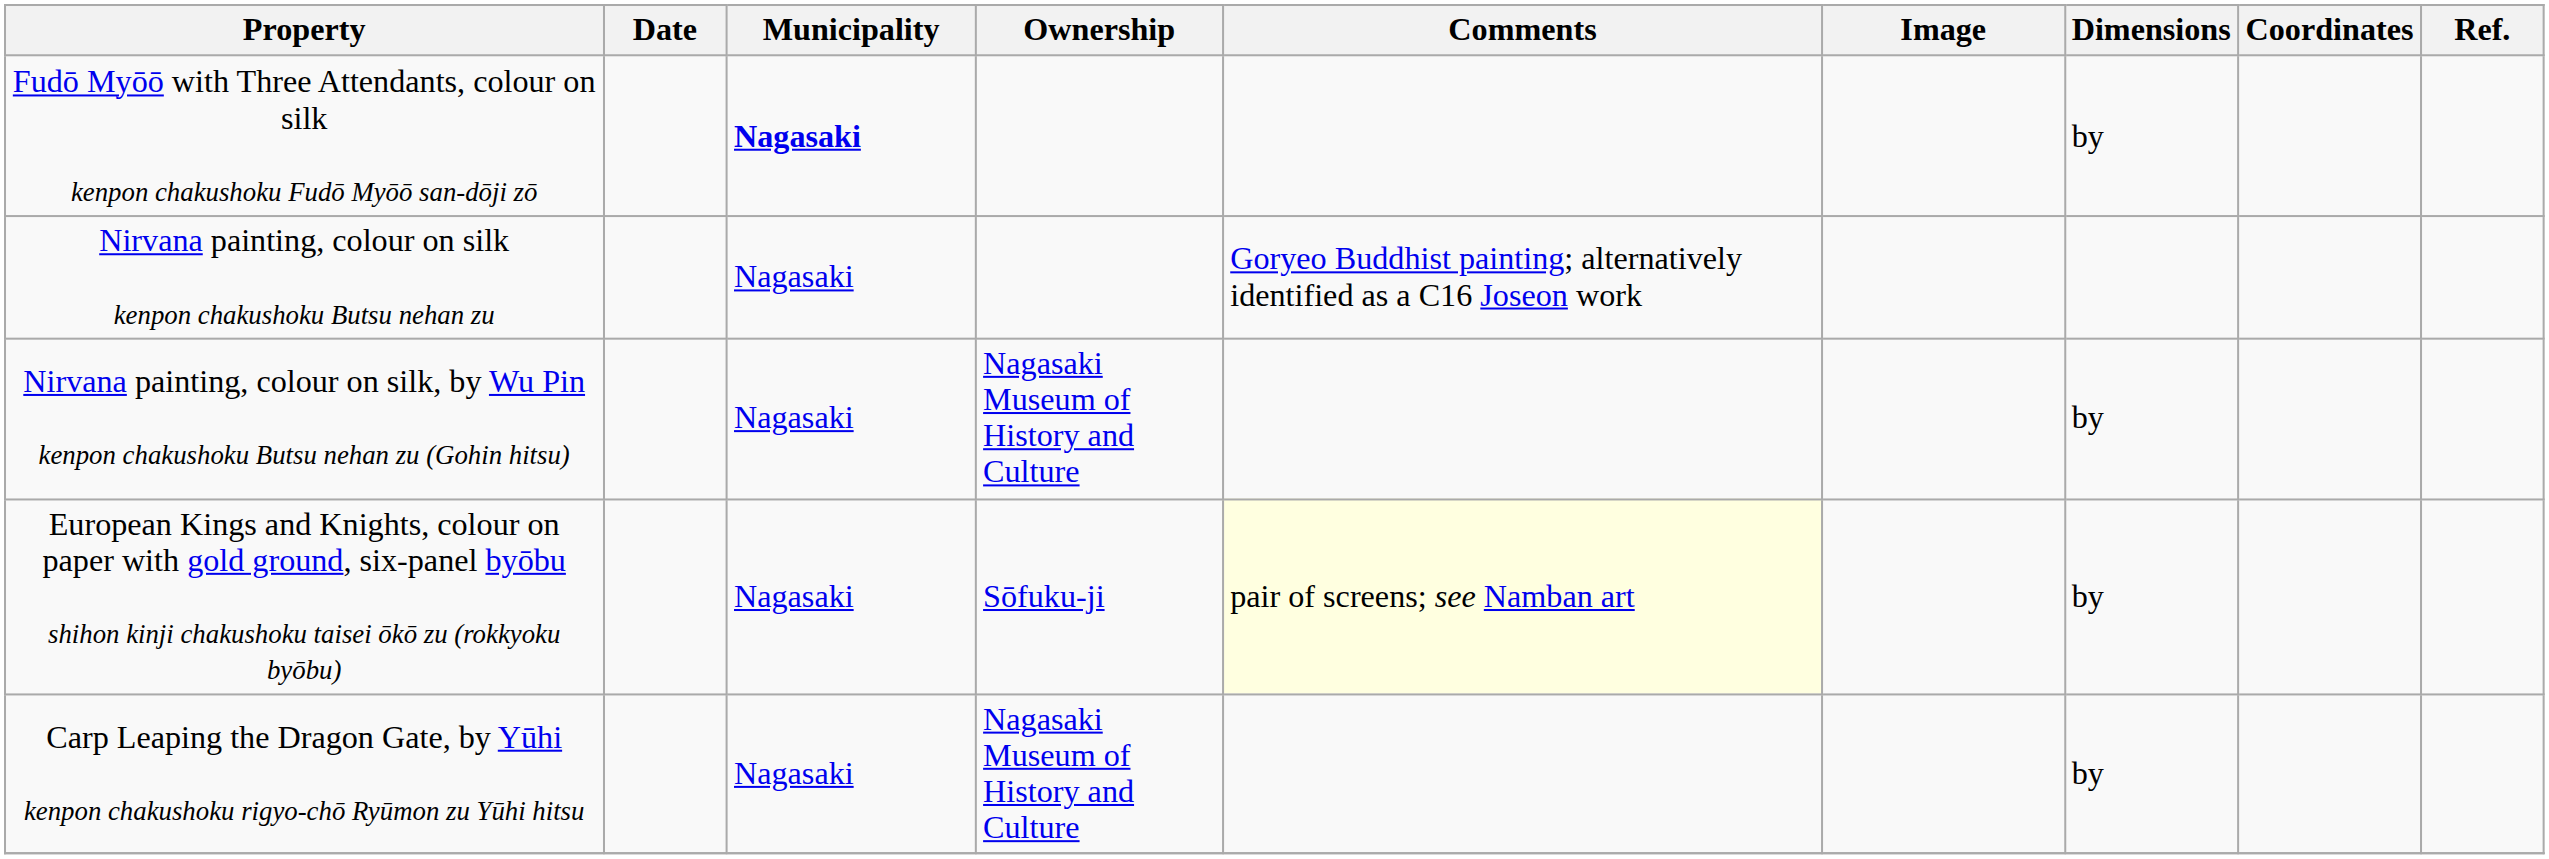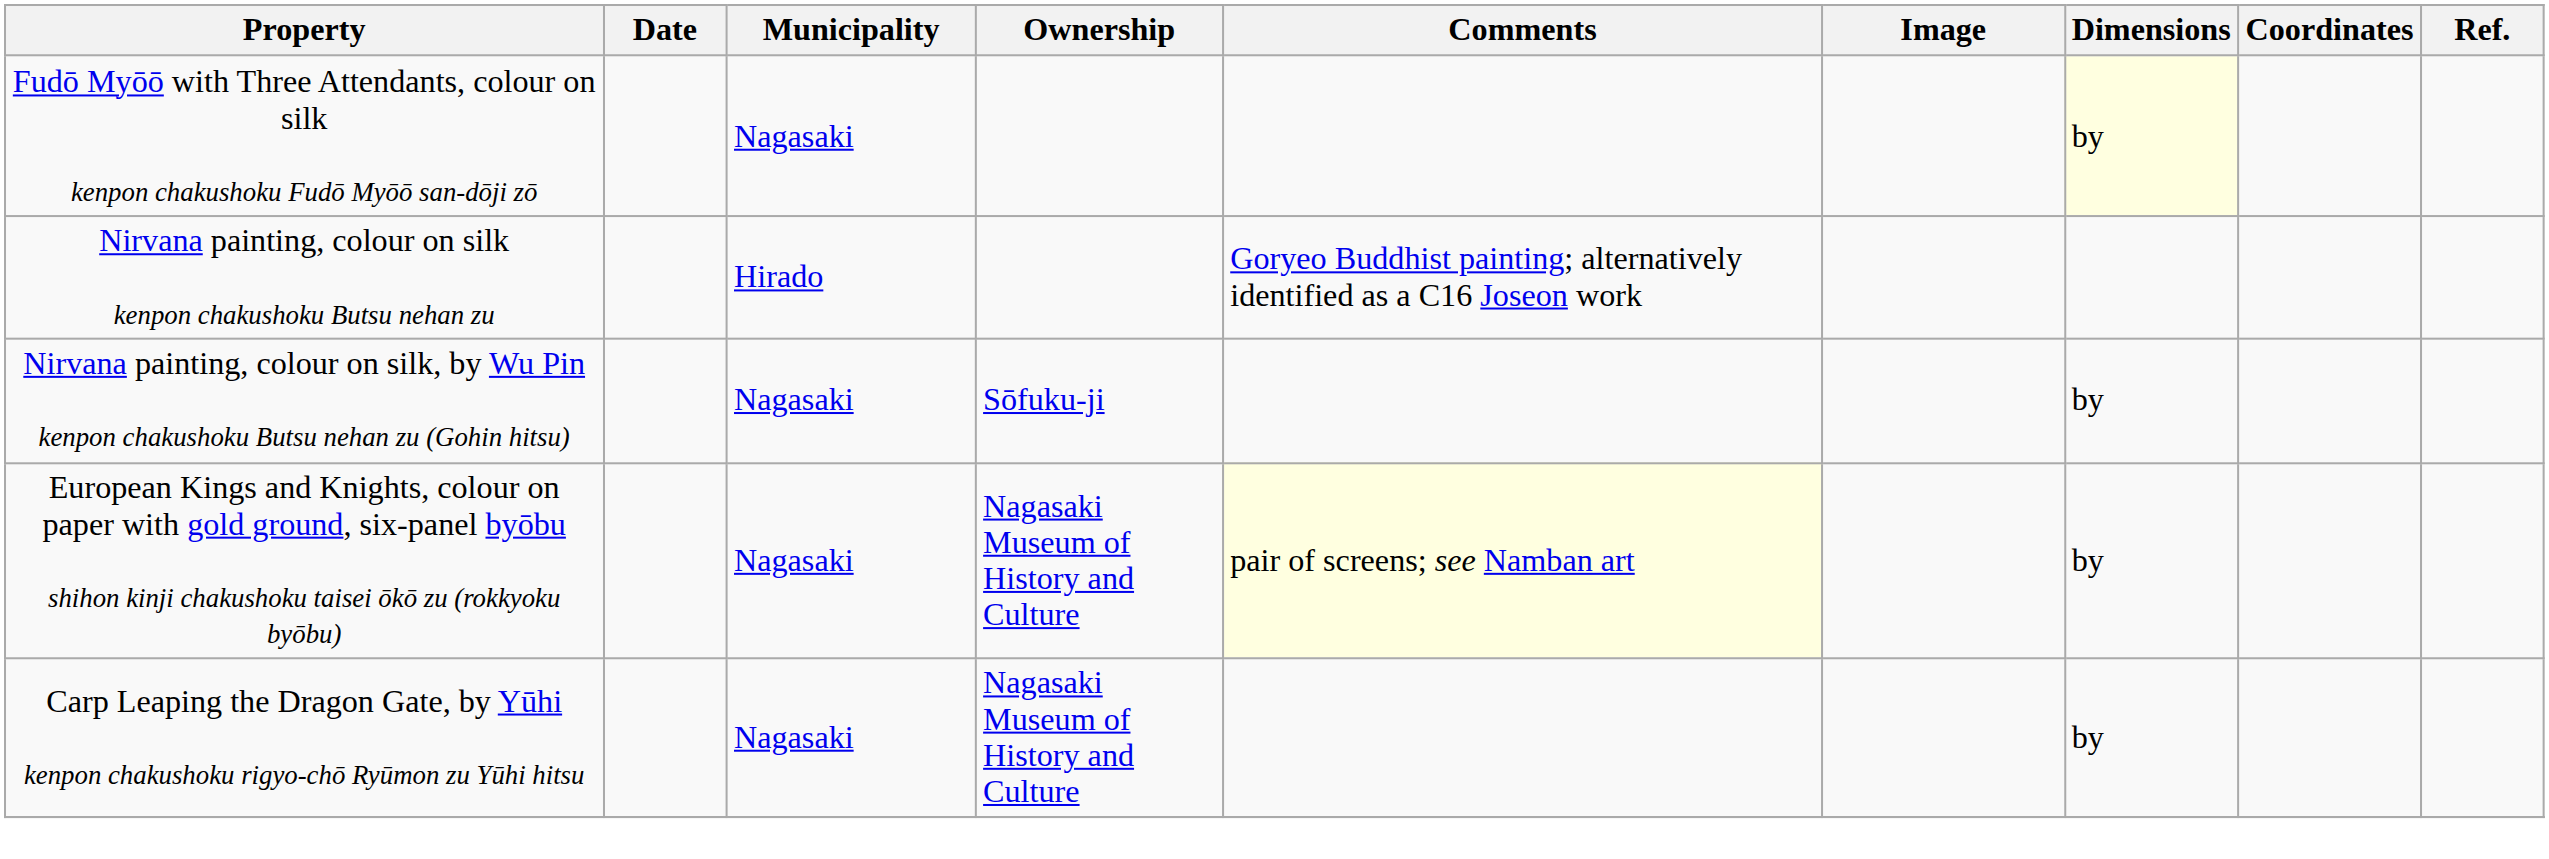 <table class="wikitable sortable"  style="width:100%;">
 <tr>
 <th width="25%" align="left">Property</th>
 <th width="5%" align="left" data-sort-type="number">Date</th>
 <th width="10%" align="left">Municipality</th>
 <th width="10%" align="left">Ownership</th>
 <th width="25%" align="left" class="unsortable">Comments</th>
 <th width="10%" align="left" class="unsortable">Image</th>
 <th width="5%" align="left" class="unsortable">Dimensions</th>
 <th width="5%" align="left" class="unsortable">Coordinates</th>
 <th width="5%" align="left" class="unsortable">Ref.</th>
 </tr>
 <tr>
 <td align="center"><a href='#'>Fudō Myōō</a> with Three Attendants, colour on silk<br><br><small><em>kenpon chakushoku Fudō Myōō san-dōji zō</em></small></td>
 <td></td>
-<td><strong><a href='#'>Nagasaki</a></strong></td>
+<td><a href='#'>Nagasaki</a></td>
 <td></td>
 <td></td>
 <td></td>
-<td> by </td>
+<td style="background: lightyellow;"> by </td>
 <td></td>
 <td></td>
 </tr>
 <tr>
 <td align="center"><a href='#'>Nirvana</a> painting, colour on silk<br><br><small><em>kenpon chakushoku Butsu nehan zu</em></small></td>
 <td></td>
-<td><a href='#'>Nagasaki</a></td>
+<td><a href='#'>Hirado</a></td>
 <td></td>
 <td><a href='#'>Goryeo Buddhist painting</a>; alternatively identified as a C16 <a href='#'>Joseon</a> work</td>
 <td></td>
 <td></td>
 <td></td>
 <td></td>
 </tr>
 <tr>
 <td align="center"><a href='#'>Nirvana</a> painting, colour on silk, by <a href='#'>Wu Pin</a><br><br><small><em>kenpon chakushoku Butsu nehan zu (Gohin hitsu)</em></small></td>
 <td></td>
 <td><a href='#'>Nagasaki</a></td>
-<td><a href='#'>Nagasaki Museum of History and Culture</a></td>
+<td><a href='#'>Sōfuku-ji</a></td>
 <td></td>
 <td></td>
 <td> by </td>
 <td></td>
 <td></td>
 </tr>
 <tr>
 <td align="center">European Kings and Knights, colour on paper with <a href='#'>gold ground</a>, six-panel <a href='#'>byōbu</a><br><br><small><em>shihon kinji chakushoku taisei ōkō zu (rokkyoku byōbu)</em></small></td>
 <td></td>
 <td><a href='#'>Nagasaki</a></td>
-<td><a href='#'>Sōfuku-ji</a></td>
+<td><a href='#'>Nagasaki Museum of History and Culture</a></td>
 <td style="background: lightyellow;">pair of screens; <em>see</em> <a href='#'>Namban art</a></td>
 <td></td>
 <td> by </td>
 <td></td>
 <td></td>
 </tr>
 <tr>
 <td align="center">Carp Leaping the Dragon Gate, by <a href='#'>Yūhi</a><br><br><small><em>kenpon chakushoku rigyo-chō Ryūmon zu Yūhi hitsu</em></small></td>
 <td></td>
 <td><a href='#'>Nagasaki</a></td>
 <td><a href='#'>Nagasaki Museum of History and Culture</a></td>
 <td></td>
 <td></td>
 <td> by </td>
 <td></td>
 <td></td>
 </tr>
 <tr>
 </tr>
 </table>
